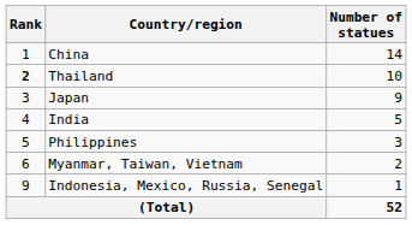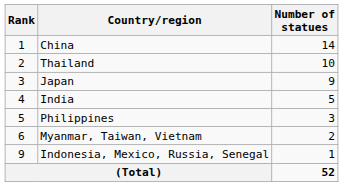 <table class="wikitable sortable" style="margin:auto;">
 <tr>
 <th>Rank</th>
 <th>Country/region</th>
 <th>Number of<br>statues</th>
 </tr>
 <tr>
 <td align=center>1</td>
 <td>China</td>
 <td align=right>14</td>
 </tr>
 <tr>
-<td align=center><strong>2</strong></td>
+<td align=center>2</td>
 <td>Thailand</td>
 <td align=right>10</td>
 </tr>
 <tr>
 <td align=center>3</td>
 <td>Japan</td>
 <td align=right>9</td>
 </tr>
 <tr>
 <td align=center>4</td>
 <td>India</td>
 <td align=right>5</td>
 </tr>
 <tr>
 <td align=center>5</td>
 <td>Philippines</td>
 <td align=right>3</td>
 </tr>
 <tr>
 <td align=center>6</td>
 <td>Myanmar, Taiwan, Vietnam</td>
 <td align=right>2</td>
 </tr>
 <tr>
 <td align=center>9</td>
 <td>Indonesia, Mexico, Russia, Senegal</td>
 <td align=right>1</td>
 </tr>
 <tr>
 <th colspan="2"><strong>(Total)</strong></th>
 <td align=right><strong>52</strong></td>
 </tr>
 </table>
